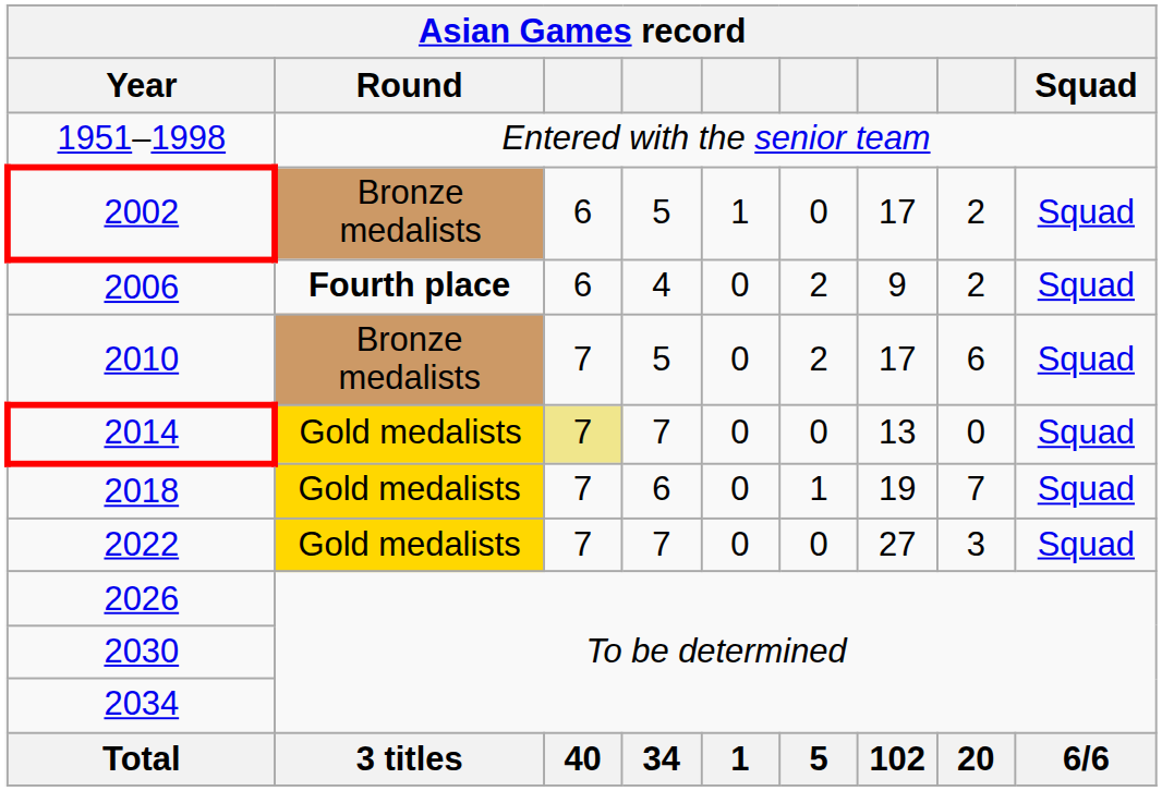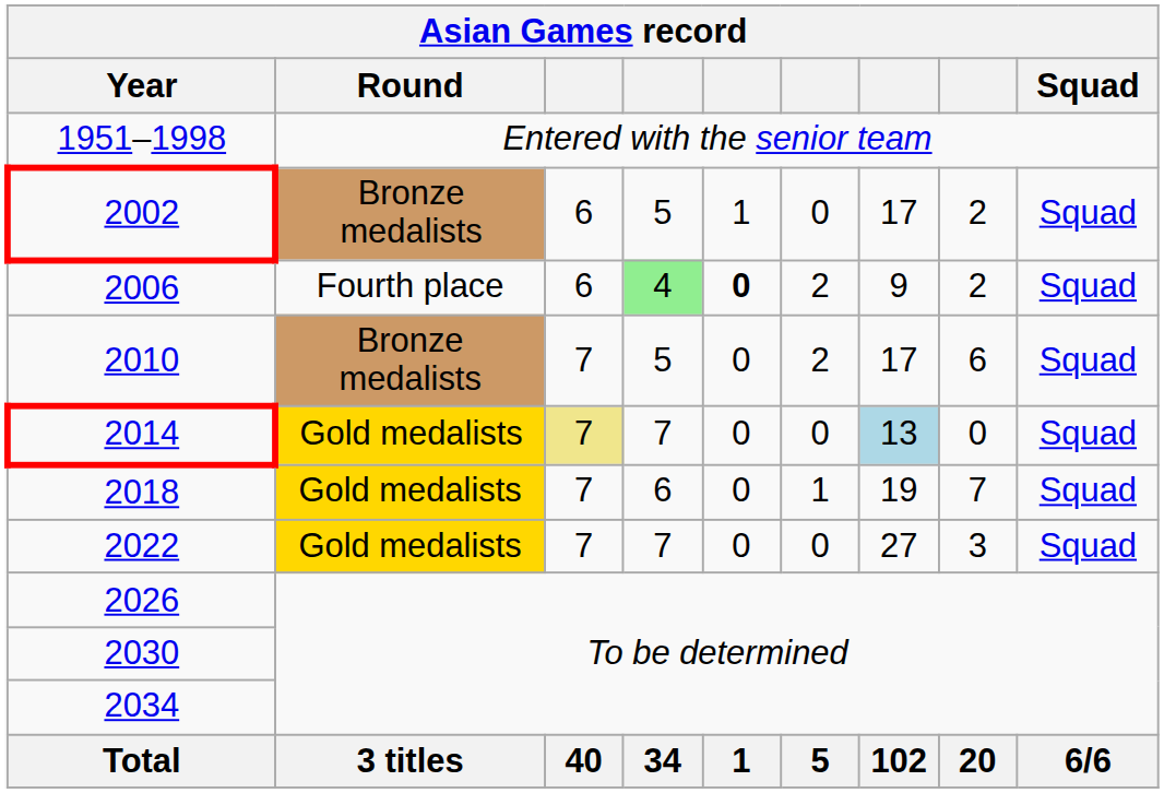 <table class="wikitable" style="text-align: center;">
 <tr>
 <th colspan="9"><a href='#'>Asian Games</a> record</th>
 </tr>
 <tr>
 <th width="120">Year</th>
 <th width="120">Round</th>
 <th width="30"></th>
 <th width="30"></th>
 <th width="30"></th>
 <th width="30"></th>
 <th width="30"></th>
 <th width="30"></th>
 <th width="60">Squad</th>
 </tr>
 <tr>
 <td><a href='#'>1951</a>–<a href='#'>1998</a></td>
 <td colspan="8"><em>Entered with the <a href='#'>senior team</a></em></td>
 </tr>
 <tr>
 <td style="border: 3px solid red"> <a href='#'>2002</a></td>
 <td style="background:#cc9966">Bronze medalists</td>
 <td>6</td>
 <td>5</td>
 <td>1</td>
 <td>0</td>
 <td>17</td>
 <td>2</td>
 <td><a href='#'>Squad</a></td>
 </tr>
 <tr>
 <td> <a href='#'>2006</a></td>
-<td><strong>Fourth place</strong></td>
+<td>Fourth place</td>
 <td>6</td>
-<td>4</td>
-<td>0</td>
+<td style="background: lightgreen;">4</td>
+<td><strong>0</strong></td>
 <td>2</td>
 <td>9</td>
 <td>2</td>
 <td><a href='#'>Squad</a></td>
 </tr>
 <tr>
 <td> <a href='#'>2010</a></td>
 <td style="background:#cc9966">Bronze medalists</td>
 <td>7</td>
 <td>5</td>
 <td>0</td>
 <td>2</td>
 <td>17</td>
 <td>6</td>
 <td><a href='#'>Squad</a></td>
 </tr>
 <tr>
 <td style="border: 3px solid red"> <a href='#'>2014</a></td>
 <td style="background:gold">Gold medalists</td>
 <td style="background: khaki;">7</td>
 <td>7</td>
 <td>0</td>
 <td>0</td>
-<td>13</td>
+<td style="background: lightblue;">13</td>
 <td>0</td>
 <td><a href='#'>Squad</a></td>
 </tr>
 <tr>
 <td> <a href='#'>2018</a></td>
 <td style="background:gold">Gold  medalists</td>
 <td>7</td>
 <td>6</td>
 <td>0</td>
 <td>1</td>
 <td>19</td>
 <td>7</td>
 <td><a href='#'>Squad</a></td>
 </tr>
 <tr>
 <td> <a href='#'>2022</a></td>
 <td style="background:gold">Gold  medalists</td>
 <td>7</td>
 <td>7</td>
 <td>0</td>
 <td>0</td>
 <td>27</td>
 <td>3</td>
 <td><a href='#'>Squad</a></td>
 </tr>
 <tr>
 <td> <a href='#'>2026</a></td>
 <td colspan="8" rowspan="3"><em>To be determined</em></td>
 </tr>
 <tr>
 <td> <a href='#'>2030</a></td>
 </tr>
 <tr>
 <td> <a href='#'>2034</a></td>
 </tr>
 <tr>
 <th>Total</th>
 <th>3 titles</th>
 <th>40</th>
 <th>34</th>
 <th>1</th>
 <th>5</th>
 <th>102</th>
 <th>20</th>
 <th>6/6</th>
 </tr>
 </table>
